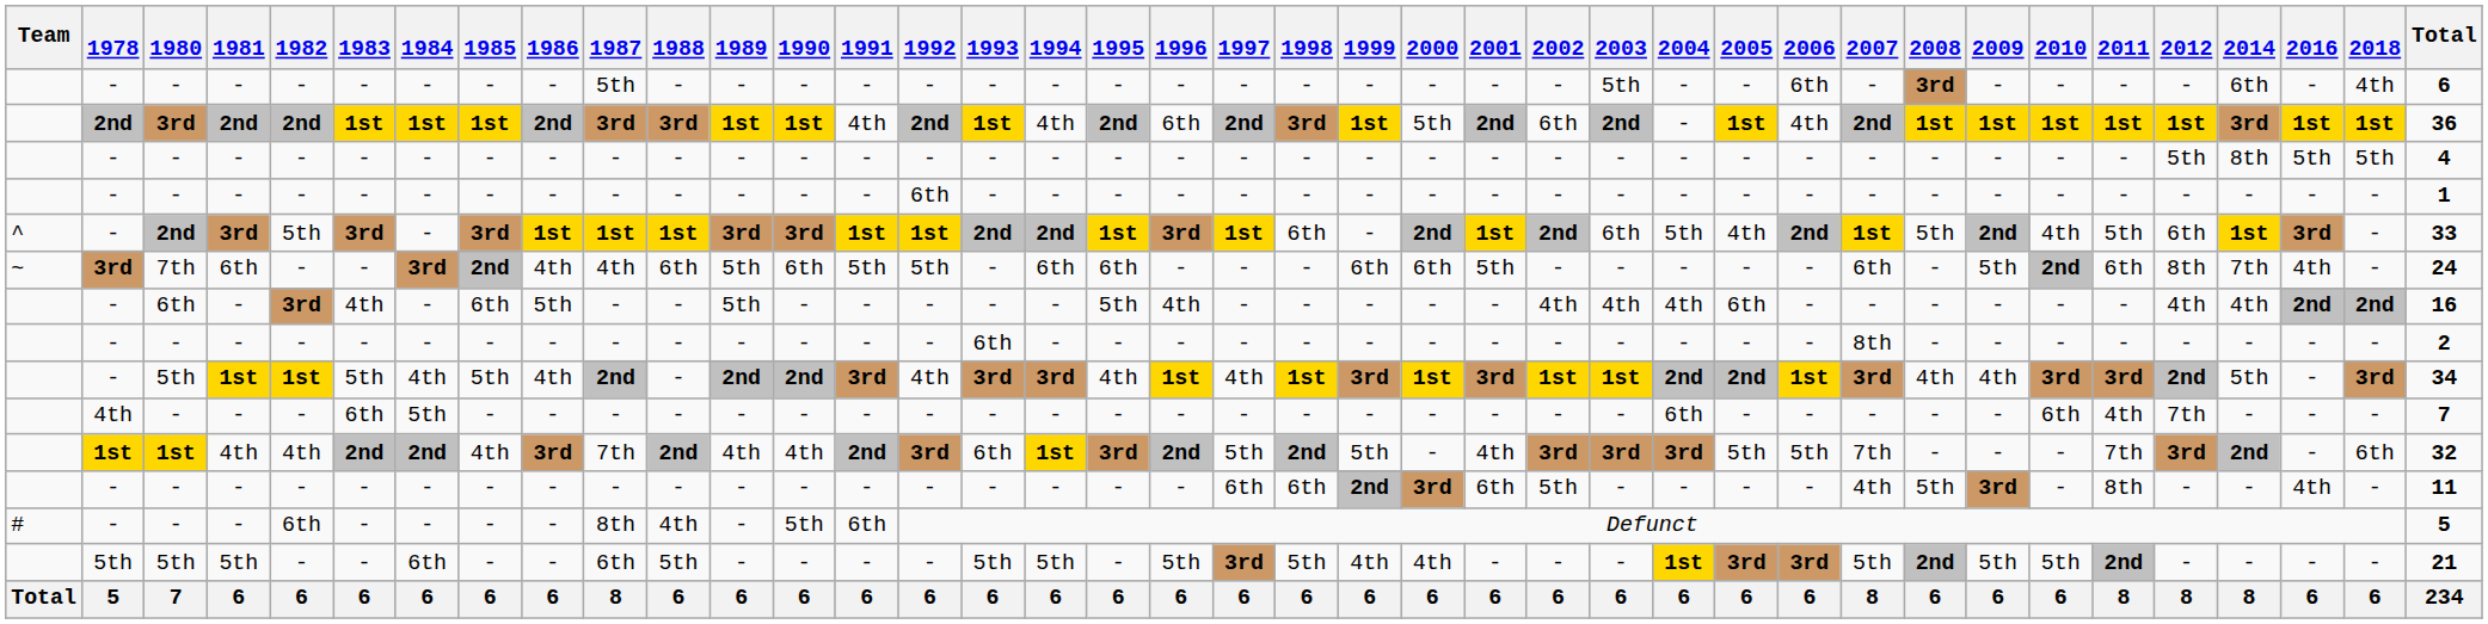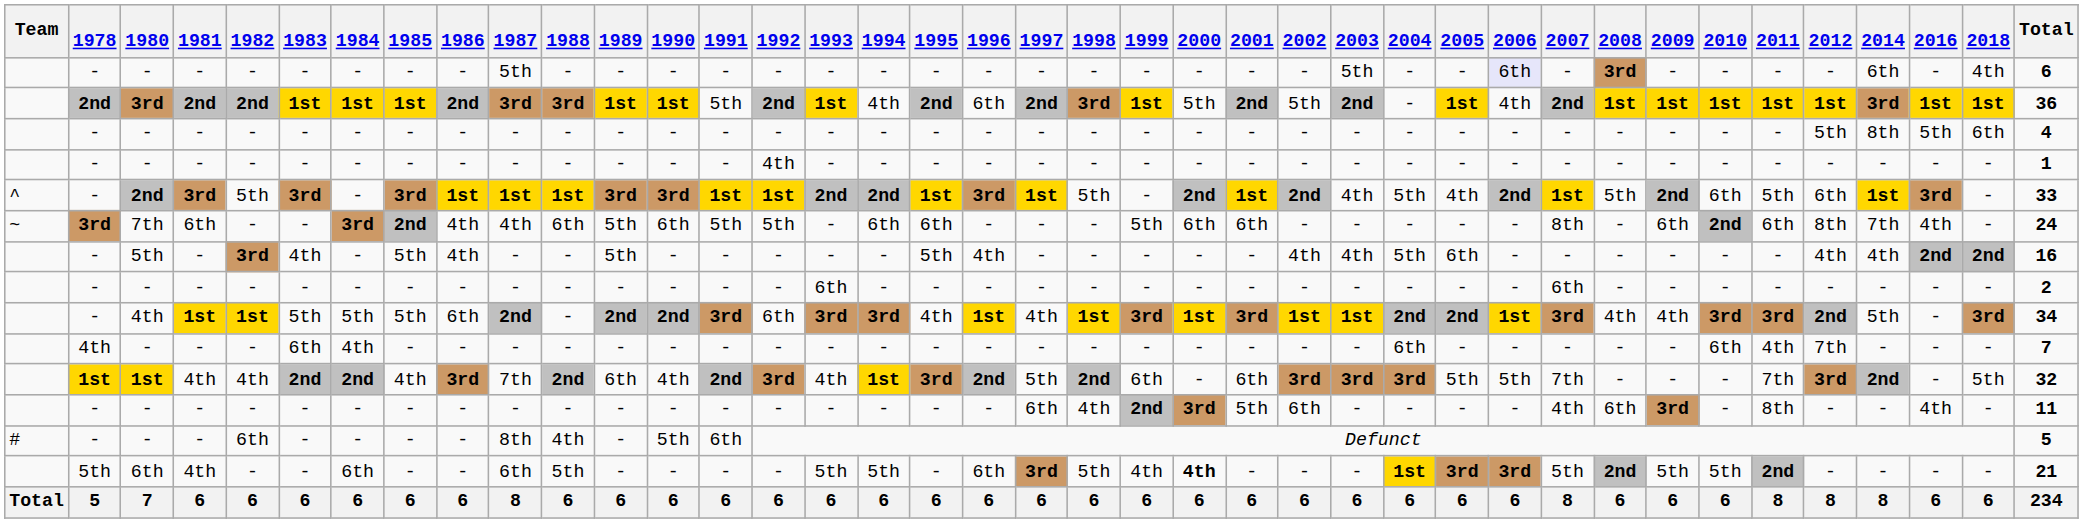 <table class=wikitable style="text-align:center; font-size:90%">
 <tr>
 <th>Team</th>
 <th><br><a href='#'>1978</a></th>
 <th><br><a href='#'>1980</a></th>
 <th><br><a href='#'>1981</a></th>
 <th><br><a href='#'>1982</a></th>
 <th><br><a href='#'>1983</a></th>
 <th><br><a href='#'>1984</a></th>
 <th><br><a href='#'>1985</a></th>
 <th><br><a href='#'>1986</a></th>
 <th><br><a href='#'>1987</a></th>
 <th><br><a href='#'>1988</a></th>
 <th><br><a href='#'>1989</a></th>
 <th><br><a href='#'>1990</a></th>
 <th><br><a href='#'>1991</a></th>
 <th><br><a href='#'>1992</a></th>
 <th><br><a href='#'>1993</a></th>
 <th><br><a href='#'>1994</a></th>
 <th><br><a href='#'>1995</a></th>
 <th><br><a href='#'>1996</a></th>
 <th><br><a href='#'>1997</a></th>
 <th><br><a href='#'>1998</a></th>
 <th><br><a href='#'>1999</a></th>
 <th><br><a href='#'>2000</a></th>
 <th><br><a href='#'>2001</a></th>
 <th><br><a href='#'>2002</a></th>
 <th><br><a href='#'>2003</a></th>
 <th><br><a href='#'>2004</a></th>
 <th><br><a href='#'>2005</a></th>
 <th><br><a href='#'>2006</a></th>
 <th><br><a href='#'>2007</a></th>
 <th><br><a href='#'>2008</a></th>
 <th><br><a href='#'>2009</a></th>
 <th><br><a href='#'>2010</a></th>
 <th><br><a href='#'>2011</a></th>
 <th><br><a href='#'>2012</a></th>
 <th><br><a href='#'>2014</a></th>
 <th><br><a href='#'>2016</a></th>
 <th><br><a href='#'>2018</a></th>
 <th>Total</th>
 </tr>
 <tr>
 <td align=left></td>
 <td>-</td>
 <td>-</td>
 <td>-</td>
 <td>-</td>
 <td>-</td>
 <td>-</td>
 <td>-</td>
 <td>-</td>
 <td>5th</td>
 <td>-</td>
 <td>-</td>
 <td>-</td>
 <td>-</td>
 <td>-</td>
 <td>-</td>
 <td>-</td>
 <td>-</td>
 <td>-</td>
 <td>-</td>
 <td>-</td>
 <td>-</td>
 <td>-</td>
 <td>-</td>
 <td>-</td>
 <td>5th</td>
 <td>-</td>
 <td>-</td>
-<td>6th</td>
+<td style="background: lavender;">6th</td>
 <td>-</td>
 <td bgcolor=cc9966><strong>3rd</strong></td>
 <td>-</td>
 <td>-</td>
 <td>-</td>
 <td>-</td>
 <td>6th</td>
 <td>-</td>
 <td>4th</td>
 <td><strong>6</strong></td>
 </tr>
 <tr>
 <td align=left></td>
 <td bgcolor=silver><strong>2nd</strong></td>
 <td bgcolor=cc9966><strong>3rd</strong></td>
 <td bgcolor=silver><strong>2nd</strong></td>
 <td bgcolor=silver><strong>2nd</strong></td>
 <td bgcolor=gold><strong>1st</strong></td>
 <td bgcolor=gold><strong>1st</strong></td>
 <td bgcolor=gold><strong>1st</strong></td>
 <td bgcolor=silver><strong>2nd</strong></td>
 <td bgcolor=cc9966><strong>3rd</strong></td>
 <td bgcolor=cc9966><strong>3rd</strong></td>
 <td bgcolor=gold><strong>1st</strong></td>
 <td bgcolor=gold><strong>1st</strong></td>
-<td>4th</td>
+<td>5th</td>
 <td bgcolor=silver><strong>2nd</strong></td>
 <td bgcolor=gold><strong>1st</strong></td>
 <td>4th</td>
 <td bgcolor=silver><strong>2nd</strong></td>
 <td>6th</td>
 <td bgcolor=silver><strong>2nd</strong></td>
 <td bgcolor=cc9966><strong>3rd</strong></td>
 <td bgcolor=gold><strong>1st</strong></td>
 <td>5th</td>
 <td bgcolor=silver><strong>2nd</strong></td>
-<td>6th</td>
+<td>5th</td>
 <td bgcolor=silver><strong>2nd</strong></td>
 <td>-</td>
 <td bgcolor=gold><strong>1st</strong></td>
 <td>4th</td>
 <td bgcolor=silver><strong>2nd</strong></td>
 <td bgcolor=gold><strong>1st</strong></td>
 <td bgcolor=gold><strong>1st</strong></td>
 <td bgcolor=gold><strong>1st</strong></td>
 <td bgcolor=gold><strong>1st</strong></td>
 <td bgcolor=gold><strong>1st</strong></td>
 <td bgcolor=cc9966><strong>3rd</strong></td>
 <td bgcolor=gold><strong>1st</strong></td>
 <td bgcolor=gold><strong>1st</strong></td>
 <td><strong>36</strong></td>
 </tr>
 <tr>
 <td align=left></td>
 <td>-</td>
 <td>-</td>
 <td>-</td>
 <td>-</td>
 <td>-</td>
 <td>-</td>
 <td>-</td>
 <td>-</td>
 <td>-</td>
 <td>-</td>
 <td>-</td>
 <td>-</td>
 <td>-</td>
 <td>-</td>
 <td>-</td>
 <td>-</td>
 <td>-</td>
 <td>-</td>
 <td>-</td>
 <td>-</td>
 <td>-</td>
 <td>-</td>
 <td>-</td>
 <td>-</td>
 <td>-</td>
 <td>-</td>
 <td>-</td>
 <td>-</td>
 <td>-</td>
 <td>-</td>
 <td>-</td>
 <td>-</td>
 <td>-</td>
 <td>5th</td>
 <td>8th</td>
 <td>5th</td>
-<td>5th</td>
+<td>6th</td>
 <td><strong>4</strong></td>
 </tr>
 <tr>
 <td align=left></td>
 <td>-</td>
 <td>-</td>
 <td>-</td>
 <td>-</td>
 <td>-</td>
 <td>-</td>
 <td>-</td>
 <td>-</td>
 <td>-</td>
 <td>-</td>
 <td>-</td>
 <td>-</td>
 <td>-</td>
-<td>6th</td>
+<td>4th</td>
 <td>-</td>
 <td>-</td>
 <td>-</td>
 <td>-</td>
 <td>-</td>
 <td>-</td>
 <td>-</td>
 <td>-</td>
 <td>-</td>
 <td>-</td>
 <td>-</td>
 <td>-</td>
 <td>-</td>
 <td>-</td>
 <td>-</td>
 <td>-</td>
 <td>-</td>
 <td>-</td>
 <td>-</td>
 <td>-</td>
 <td>-</td>
 <td>-</td>
 <td>-</td>
 <td><strong>1</strong></td>
 </tr>
 <tr>
 <td align=left>^</td>
 <td>-</td>
 <td bgcolor=silver><strong>2nd</strong></td>
 <td bgcolor=cc9966><strong>3rd</strong></td>
 <td>5th</td>
 <td bgcolor=cc9966><strong>3rd</strong></td>
 <td>-</td>
 <td bgcolor=cc9966><strong>3rd</strong></td>
 <td bgcolor=gold><strong>1st</strong></td>
 <td bgcolor=gold><strong>1st</strong></td>
 <td bgcolor=gold><strong>1st</strong></td>
 <td bgcolor=cc9966><strong>3rd</strong></td>
 <td bgcolor=cc9966><strong>3rd</strong></td>
 <td bgcolor=gold><strong>1st</strong></td>
 <td bgcolor=gold><strong>1st</strong></td>
 <td bgcolor=silver><strong>2nd</strong></td>
 <td bgcolor=silver><strong>2nd</strong></td>
 <td bgcolor=gold><strong>1st</strong></td>
 <td bgcolor=cc9966><strong>3rd</strong></td>
 <td bgcolor=gold><strong>1st</strong></td>
-<td>6th</td>
+<td>5th</td>
 <td>-</td>
 <td bgcolor=silver><strong>2nd</strong></td>
 <td bgcolor=gold><strong>1st</strong></td>
 <td bgcolor=silver><strong>2nd</strong></td>
-<td>6th</td>
+<td>4th</td>
 <td>5th</td>
 <td>4th</td>
 <td bgcolor=silver><strong>2nd</strong></td>
 <td bgcolor=gold><strong>1st</strong></td>
 <td>5th</td>
 <td bgcolor=silver><strong>2nd</strong></td>
-<td>4th</td>
+<td>6th</td>
 <td>5th</td>
 <td>6th</td>
 <td bgcolor=gold><strong>1st</strong></td>
 <td bgcolor=cc9966><strong>3rd</strong></td>
 <td>-</td>
 <td><strong>33</strong></td>
 </tr>
 <tr>
 <td align=left>~</td>
 <td bgcolor=cc9966><strong>3rd</strong></td>
 <td>7th</td>
 <td>6th</td>
 <td>-</td>
 <td>-</td>
 <td bgcolor=cc9966><strong>3rd</strong></td>
 <td bgcolor=silver><strong>2nd</strong></td>
 <td>4th</td>
 <td>4th</td>
 <td>6th</td>
 <td>5th</td>
 <td>6th</td>
 <td>5th</td>
 <td>5th</td>
 <td>-</td>
 <td>6th</td>
 <td>6th</td>
 <td>-</td>
 <td>-</td>
 <td>-</td>
+<td>5th</td>
 <td>6th</td>
 <td>6th</td>
-<td>5th</td>
 <td>-</td>
 <td>-</td>
 <td>-</td>
 <td>-</td>
 <td>-</td>
+<td>8th</td>
+<td>-</td>
 <td>6th</td>
-<td>-</td>
-<td>5th</td>
 <td bgcolor=silver><strong>2nd</strong></td>
 <td>6th</td>
 <td>8th</td>
 <td>7th</td>
 <td>4th</td>
 <td>-</td>
 <td><strong>24</strong></td>
 </tr>
 <tr>
 <td align=left></td>
 <td>-</td>
-<td>6th</td>
+<td>5th</td>
 <td>-</td>
 <td bgcolor=cc9966><strong>3rd</strong></td>
 <td>4th</td>
 <td>-</td>
-<td>6th</td>
 <td>5th</td>
+<td>4th</td>
 <td>-</td>
 <td>-</td>
 <td>5th</td>
 <td>-</td>
 <td>-</td>
 <td>-</td>
 <td>-</td>
 <td>-</td>
 <td>5th</td>
 <td>4th</td>
 <td>-</td>
 <td>-</td>
 <td>-</td>
 <td>-</td>
 <td>-</td>
 <td>4th</td>
 <td>4th</td>
-<td>4th</td>
+<td>5th</td>
 <td>6th</td>
 <td>-</td>
 <td>-</td>
 <td>-</td>
 <td>-</td>
 <td>-</td>
 <td>-</td>
 <td>4th</td>
 <td>4th</td>
 <td bgcolor=silver><strong>2nd</strong></td>
 <td bgcolor=silver><strong>2nd</strong></td>
 <td><strong>16</strong></td>
 </tr>
 <tr>
 <td align=left></td>
 <td>-</td>
 <td>-</td>
 <td>-</td>
 <td>-</td>
 <td>-</td>
 <td>-</td>
 <td>-</td>
 <td>-</td>
 <td>-</td>
 <td>-</td>
 <td>-</td>
 <td>-</td>
 <td>-</td>
 <td>-</td>
 <td>6th</td>
 <td>-</td>
 <td>-</td>
 <td>-</td>
 <td>-</td>
 <td>-</td>
 <td>-</td>
 <td>-</td>
 <td>-</td>
 <td>-</td>
 <td>-</td>
 <td>-</td>
 <td>-</td>
 <td>-</td>
-<td>8th</td>
+<td>6th</td>
 <td>-</td>
 <td>-</td>
 <td>-</td>
 <td>-</td>
 <td>-</td>
 <td>-</td>
 <td>-</td>
 <td>-</td>
 <td><strong>2</strong></td>
 </tr>
 <tr>
 <td align=left></td>
 <td>-</td>
-<td>5th</td>
+<td>4th</td>
 <td bgcolor=gold><strong>1st</strong></td>
 <td bgcolor=gold><strong>1st</strong></td>
 <td>5th</td>
-<td>4th</td>
 <td>5th</td>
-<td>4th</td>
+<td>5th</td>
+<td>6th</td>
 <td bgcolor=silver><strong>2nd</strong></td>
 <td>-</td>
 <td bgcolor=silver><strong>2nd</strong></td>
 <td bgcolor=silver><strong>2nd</strong></td>
 <td bgcolor=cc9966><strong>3rd</strong></td>
-<td>4th</td>
+<td>6th</td>
 <td bgcolor=cc9966><strong>3rd</strong></td>
 <td bgcolor=cc9966><strong>3rd</strong></td>
 <td>4th</td>
 <td bgcolor=gold><strong>1st</strong></td>
 <td>4th</td>
 <td bgcolor=gold><strong>1st</strong></td>
 <td bgcolor=cc9966><strong>3rd</strong></td>
 <td bgcolor=gold><strong>1st</strong></td>
 <td bgcolor=cc9966><strong>3rd</strong></td>
 <td bgcolor=gold><strong>1st</strong></td>
 <td bgcolor=gold><strong>1st</strong></td>
 <td bgcolor=silver><strong>2nd</strong></td>
 <td bgcolor=silver><strong>2nd</strong></td>
 <td bgcolor=gold><strong>1st</strong></td>
 <td bgcolor=cc9966><strong>3rd</strong></td>
 <td>4th</td>
 <td>4th</td>
 <td bgcolor=cc9966><strong>3rd</strong></td>
 <td bgcolor=cc9966><strong>3rd</strong></td>
 <td bgcolor=silver><strong>2nd</strong></td>
 <td>5th</td>
 <td>-</td>
 <td bgcolor=cc9966><strong>3rd</strong></td>
 <td><strong>34</strong></td>
 </tr>
 <tr>
 <td align=left></td>
 <td>4th</td>
 <td>-</td>
 <td>-</td>
 <td>-</td>
 <td>6th</td>
-<td>5th</td>
+<td>4th</td>
 <td>-</td>
 <td>-</td>
 <td>-</td>
 <td>-</td>
 <td>-</td>
 <td>-</td>
 <td>-</td>
 <td>-</td>
 <td>-</td>
 <td>-</td>
 <td>-</td>
 <td>-</td>
 <td>-</td>
 <td>-</td>
 <td>-</td>
 <td>-</td>
 <td>-</td>
 <td>-</td>
 <td>-</td>
 <td>6th</td>
 <td>-</td>
 <td>-</td>
 <td>-</td>
 <td>-</td>
 <td>-</td>
 <td>6th</td>
 <td>4th</td>
 <td>7th</td>
 <td>-</td>
 <td>-</td>
 <td>-</td>
 <td><strong>7</strong></td>
 </tr>
 <tr>
 <td align=left></td>
 <td bgcolor=gold><strong>1st</strong></td>
 <td bgcolor=gold><strong>1st</strong></td>
 <td>4th</td>
 <td>4th</td>
 <td bgcolor=silver><strong>2nd</strong></td>
 <td bgcolor=silver><strong>2nd</strong></td>
 <td>4th</td>
 <td bgcolor=cc9966><strong>3rd</strong></td>
 <td>7th</td>
 <td bgcolor=silver><strong>2nd</strong></td>
-<td>4th</td>
+<td>6th</td>
 <td>4th</td>
 <td bgcolor=silver><strong>2nd</strong></td>
 <td bgcolor=cc9966><strong>3rd</strong></td>
-<td>6th</td>
+<td>4th</td>
 <td bgcolor=gold><strong>1st</strong></td>
 <td bgcolor=cc9966><strong>3rd</strong></td>
 <td bgcolor=silver><strong>2nd</strong></td>
 <td>5th</td>
 <td bgcolor=silver><strong>2nd</strong></td>
-<td>5th</td>
+<td>6th</td>
 <td>-</td>
-<td>4th</td>
+<td>6th</td>
 <td bgcolor=cc9966><strong>3rd</strong></td>
 <td bgcolor=cc9966><strong>3rd</strong></td>
 <td bgcolor=cc9966><strong>3rd</strong></td>
 <td>5th</td>
 <td>5th</td>
 <td>7th</td>
 <td>-</td>
 <td>-</td>
 <td>-</td>
 <td>7th</td>
 <td bgcolor=cc9966><strong>3rd</strong></td>
 <td bgcolor=silver><strong>2nd</strong></td>
 <td>-</td>
-<td>6th</td>
+<td>5th</td>
 <td><strong>32</strong></td>
 </tr>
 <tr>
 <td align=left></td>
 <td>-</td>
 <td>-</td>
 <td>-</td>
 <td>-</td>
 <td>-</td>
 <td>-</td>
 <td>-</td>
 <td>-</td>
 <td>-</td>
 <td>-</td>
 <td>-</td>
 <td>-</td>
 <td>-</td>
 <td>-</td>
 <td>-</td>
 <td>-</td>
 <td>-</td>
 <td>-</td>
 <td>6th</td>
-<td>6th</td>
+<td>4th</td>
 <td bgcolor=silver><strong>2nd</strong></td>
 <td bgcolor=cc9966><strong>3rd</strong></td>
+<td>5th</td>
 <td>6th</td>
-<td>5th</td>
 <td>-</td>
 <td>-</td>
 <td>-</td>
 <td>-</td>
 <td>4th</td>
-<td>5th</td>
+<td>6th</td>
 <td bgcolor=cc9966><strong>3rd</strong></td>
 <td>-</td>
 <td>8th</td>
 <td>-</td>
 <td>-</td>
 <td>4th</td>
 <td>-</td>
 <td><strong>11</strong></td>
 </tr>
 <tr>
 <td align=left>#</td>
 <td>-</td>
 <td>-</td>
 <td>-</td>
 <td>6th</td>
 <td>-</td>
 <td>-</td>
 <td>-</td>
 <td>-</td>
 <td>8th</td>
 <td>4th</td>
 <td>-</td>
 <td>5th</td>
 <td>6th</td>
 <td colspan=24><em>Defunct</em></td>
 <td><strong>5</strong></td>
 </tr>
 <tr>
 <td align=left></td>
 <td>5th</td>
-<td>5th</td>
-<td>5th</td>
+<td>6th</td>
+<td>4th</td>
 <td>-</td>
 <td>-</td>
 <td>6th</td>
 <td>-</td>
 <td>-</td>
 <td>6th</td>
 <td>5th</td>
 <td>-</td>
 <td>-</td>
 <td>-</td>
 <td>-</td>
 <td>5th</td>
 <td>5th</td>
 <td>-</td>
-<td>5th</td>
+<td>6th</td>
 <td bgcolor=cc9966><strong>3rd</strong></td>
 <td>5th</td>
 <td>4th</td>
-<td>4th</td>
+<td><strong>4th</strong></td>
 <td>-</td>
 <td>-</td>
 <td>-</td>
 <td bgcolor=gold><strong>1st</strong></td>
 <td bgcolor=cc9966><strong>3rd</strong></td>
 <td bgcolor=cc9966><strong>3rd</strong></td>
 <td>5th</td>
 <td bgcolor=silver><strong>2nd</strong></td>
 <td>5th</td>
 <td>5th</td>
 <td bgcolor=silver><strong>2nd</strong></td>
 <td>-</td>
 <td>-</td>
 <td>-</td>
 <td>-</td>
 <td><strong>21</strong></td>
 </tr>
 <tr>
 <th>Total</th>
 <th>5</th>
 <th>7</th>
 <th>6</th>
 <th>6</th>
 <th>6</th>
 <th>6</th>
 <th>6</th>
 <th>6</th>
 <th>8</th>
 <th>6</th>
 <th>6</th>
 <th>6</th>
 <th>6</th>
 <th>6</th>
 <th>6</th>
 <th>6</th>
 <th>6</th>
 <th>6</th>
 <th>6</th>
 <th>6</th>
 <th>6</th>
 <th>6</th>
 <th>6</th>
 <th>6</th>
 <th>6</th>
 <th>6</th>
 <th>6</th>
 <th>6</th>
 <th>8</th>
 <th>6</th>
 <th>6</th>
 <th>6</th>
 <th>8</th>
 <th>8</th>
 <th>8</th>
 <th>6</th>
 <th>6</th>
 <th>234</th>
 </tr>
 </table>
